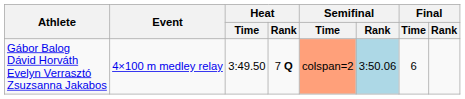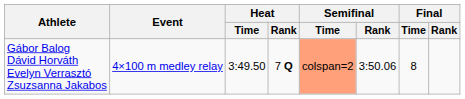 <table class=wikitable style="font-size:90%">
 <tr>
 <th rowspan="2">Athlete</th>
 <th rowspan="2">Event</th>
 <th colspan="2">Heat</th>
 <th colspan="2">Semifinal</th>
 <th colspan="2">Final</th>
 </tr>
 <tr style="font-size:95%">
 <th>Time</th>
 <th>Rank</th>
 <th>Time</th>
 <th>Rank</th>
 <th>Time</th>
 <th>Rank</th>
 </tr>
 <tr align=center>
 <td align=left><a href='#'>Gábor Balog</a><br><a href='#'>Dávid Horváth</a><br><a href='#'>Evelyn Verrasztó</a><br><a href='#'>Zsuzsanna Jakabos</a></td>
 <td align=left><a href='#'>4×100 m medley relay</a></td>
 <td>3:49.50</td>
 <td>7 <strong>Q</strong></td>
 <td style="background: lightsalmon;">colspan=2 </td>
-<td style="background: lightblue;">3:50.06</td>
-<td>6</td>
+<td>3:50.06</td>
+<td>8</td>
 </tr>
 </table>
